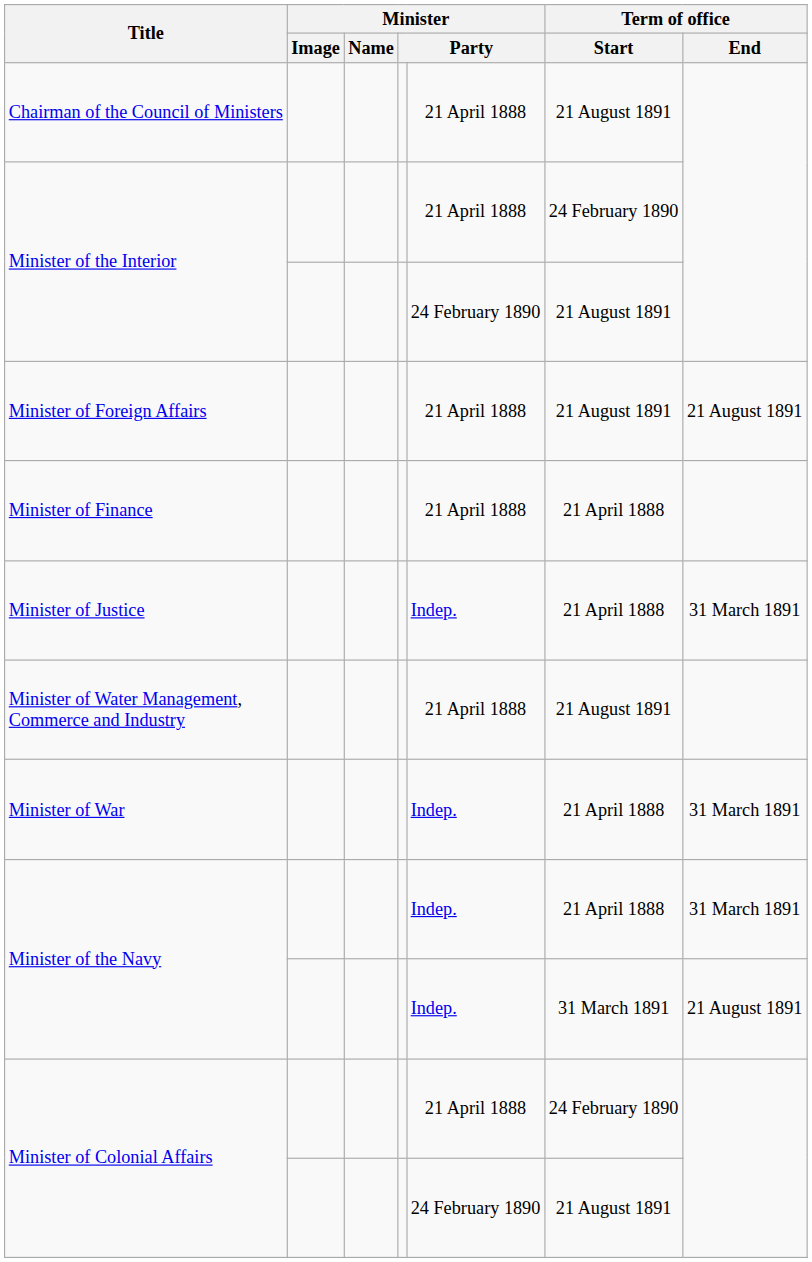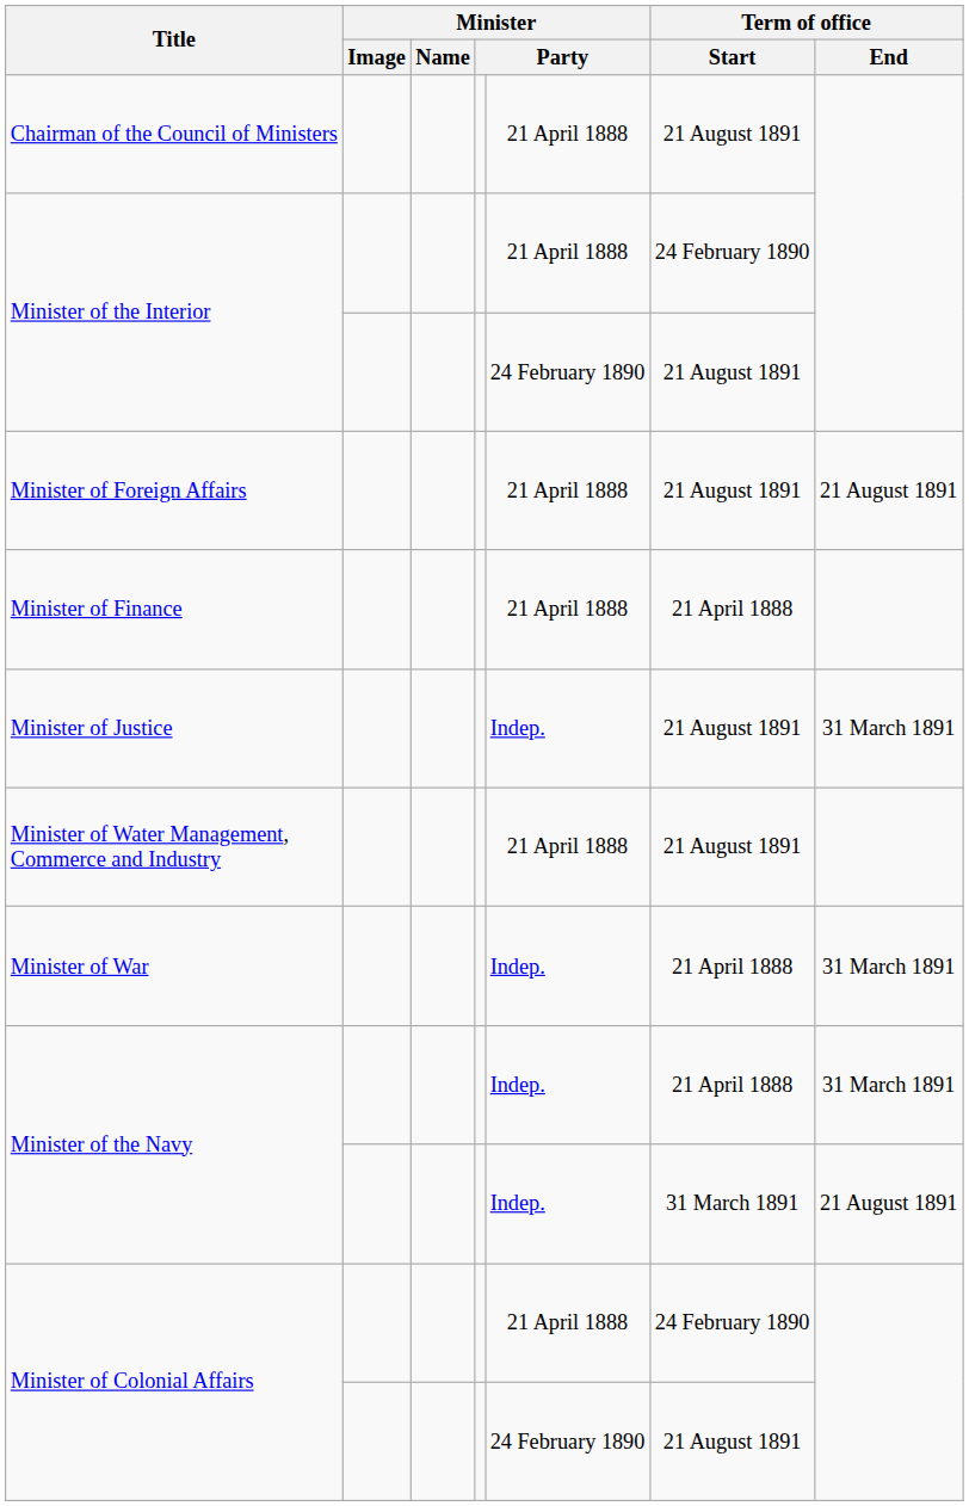 <table class="wikitable sortable" style="text-align:left">
 <tr>
 <th rowspan="2">Title</th>
 <th colspan="4">Minister</th>
 <th colspan="2">Term of office</th>
 </tr>
 <tr>
 <th class="unsortable">Image</th>
 <th>Name</th>
 <th colspan="2">Party</th>
 <th data-sort-type="date">Start</th>
 <th data-sort-type=date>End</th>
 </tr>
 <tr>
 <td><a href='#'>Chairman of the Council of Ministers</a></td>
 <td height="80px"></td>
 <td></td>
 <td></td>
 <td style="text-align:center">21 April 1888</td>
 <td style="text-align:center">21 August 1891</td>
 </tr>
 <tr>
 <td rowspan="2"><a href='#'>Minister of the Interior</a></td>
 <td height="80px"></td>
 <td></td>
 <td></td>
 <td style="text-align:center">21 April 1888</td>
 <td style="text-align:center">24 February 1890</td>
 </tr>
 <tr>
 <td height="80px"></td>
 <td></td>
 <td></td>
 <td style="text-align:center">24 February 1890</td>
 <td style="text-align:center">21 August 1891</td>
 </tr>
 <tr>
 <td><a href='#'>Minister of Foreign Affairs</a></td>
 <td height="80px"></td>
 <td></td>
 <td style="background:"></td>
 <td style="text-align:center">21 April 1888</td>
 <td style="text-align:center">21 August 1891</td>
 <td style="text-align:center">21 August 1891</td>
 </tr>
 <tr>
 <td><a href='#'>Minister of Finance</a></td>
 <td height="80px"></td>
 <td></td>
 <td></td>
 <td style="text-align:center">21 April 1888</td>
 <td style="text-align:center">21 April 1888</td>
 </tr>
 <tr>
 <td><a href='#'>Minister of Justice</a></td>
 <td height="80px"></td>
 <td></td>
 <td style="background:"></td>
 <td><a href='#'>Indep.</a></td>
-<td style="text-align:center">21 April 1888</td>
+<td style="text-align:center">21 August 1891</td>
 <td style="text-align:center">31 March 1891</td>
 </tr>
 <tr>
 <td><a href='#'>Minister of Water Management</a>, <br> <a href='#'>Commerce and Industry</a></td>
 <td height="80px"></td>
 <td></td>
 <td></td>
 <td style="text-align:center">21 April 1888</td>
 <td style="text-align:center">21 August 1891</td>
 </tr>
 <tr>
 <td><a href='#'>Minister of War</a></td>
 <td height="80px"></td>
 <td></td>
 <td style="background:"></td>
 <td><a href='#'>Indep.</a></td>
 <td style="text-align:center">21 April 1888</td>
 <td style="text-align:center">31 March 1891</td>
 </tr>
 <tr>
 <td rowspan="2"><a href='#'>Minister of the Navy</a></td>
 <td height="80px"></td>
 <td></td>
 <td style="background:"></td>
 <td><a href='#'>Indep.</a></td>
 <td style="text-align:center">21 April 1888</td>
 <td style="text-align:center">31 March 1891</td>
 </tr>
 <tr>
 <td height="80px"></td>
 <td></td>
 <td style="background:"></td>
 <td><a href='#'>Indep.</a></td>
 <td style="text-align:center">31 March 1891</td>
 <td style="text-align:center">21 August 1891</td>
 </tr>
 <tr>
 <td rowspan="2"><a href='#'>Minister of Colonial Affairs</a></td>
 <td height="80px"></td>
 <td></td>
 <td></td>
 <td style="text-align:center">21 April 1888</td>
 <td style="text-align:center">24 February 1890</td>
 </tr>
 <tr>
 <td height="80px"></td>
 <td></td>
 <td></td>
 <td style="text-align:center">24 February 1890</td>
 <td style="text-align:center">21 August 1891</td>
 </tr>
 </table>
